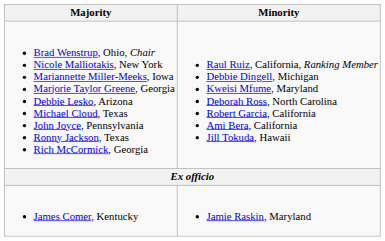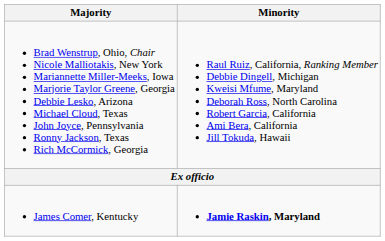 <table class=wikitable>
 <tr>
 <th scope="col">Majority</th>
 <th scope="col">Minority</th>
 </tr>
 <tr>
 <td><br><ul><li><a href='#'>Brad Wenstrup</a>, Ohio, <em>Chair</em></li><li><a href='#'>Nicole Malliotakis</a>, New York</li><li><a href='#'>Mariannette Miller-Meeks</a>, Iowa</li><li><a href='#'>Marjorie Taylor Greene</a>, Georgia</li><li><a href='#'>Debbie Lesko</a>, Arizona</li><li><a href='#'>Michael Cloud</a>, Texas</li><li><a href='#'>John Joyce</a>, Pennsylvania</li><li><a href='#'>Ronny Jackson</a>, Texas</li><li><a href='#'>Rich McCormick</a>, Georgia</li></ul></td>
 <td><br><ul><li><a href='#'>Raul Ruiz</a>, California, <em>Ranking Member</em></li><li><a href='#'>Debbie Dingell</a>, Michigan</li><li><a href='#'>Kweisi Mfume</a>, Maryland</li><li><a href='#'>Deborah Ross</a>, North Carolina</li><li><a href='#'>Robert Garcia</a>, California</li><li><a href='#'>Ami Bera</a>, California</li><li><a href='#'>Jill Tokuda</a>, Hawaii</li></ul></td>
 </tr>
 <tr>
 <th colspan=2><em>Ex officio</em></th>
 </tr>
 <tr>
 <td><br><ul><li><a href='#'>James Comer</a>, Kentucky</li></ul></td>
-<td><br><ul><li><a href='#'>Jamie Raskin</a>, Maryland</li></ul></td>
+<td><strong><br><ul><li><a href='#'>Jamie Raskin</a>, Maryland</li></ul></strong></td>
 </tr>
 </table>
